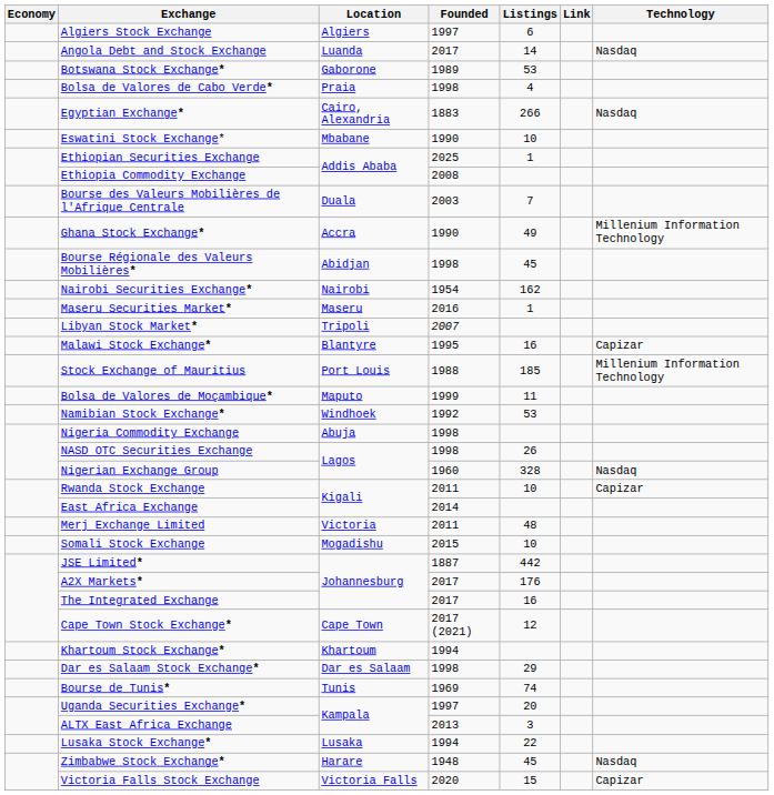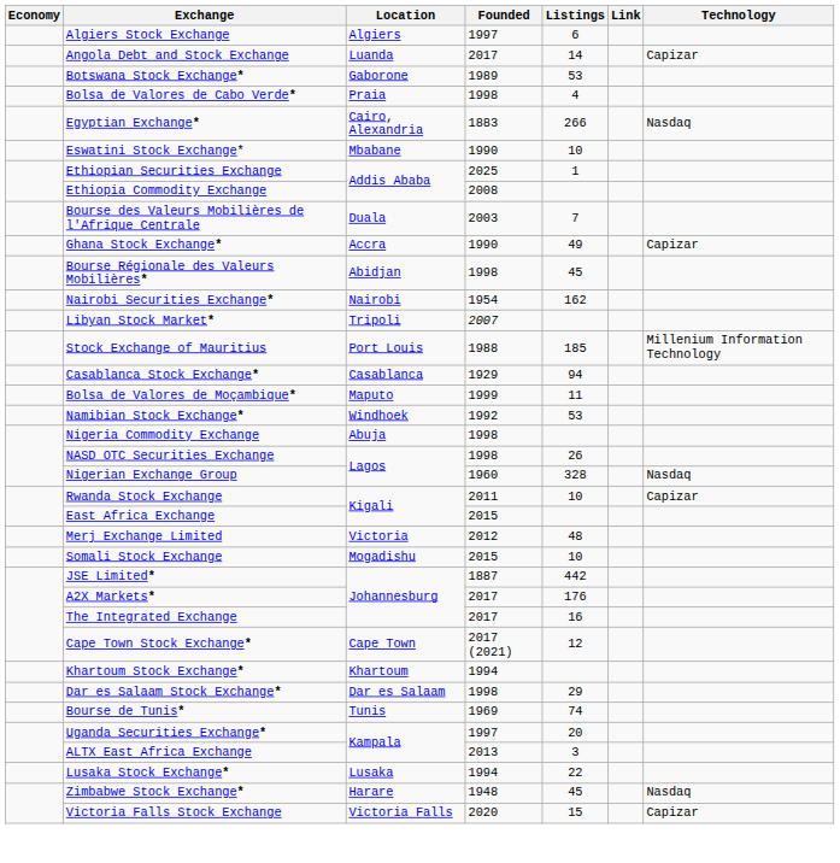 <table class="wikitable sortable static-row-numbers static-row-header-text">
 <tr>
 <th>Economy</th>
 <th>Exchange</th>
 <th>Location</th>
 <th>Founded</th>
 <th>Listings</th>
 <th>Link</th>
 <th>Technology</th>
 </tr>
 <tr>
 <td></td>
 <td><a href='#'>Algiers Stock Exchange</a></td>
 <td><a href='#'>Algiers</a></td>
 <td>1997</td>
 <td align="center">6</td>
 <td></td>
 <td></td>
 </tr>
 <tr>
 <td></td>
 <td><a href='#'>Angola Debt and Stock Exchange</a></td>
 <td><a href='#'>Luanda</a></td>
 <td>2017</td>
 <td align="center">14</td>
 <td></td>
-<td>Nasdaq</td>
+<td> Capizar</td>
 </tr>
 <tr>
 <td></td>
 <td><a href='#'>Botswana Stock Exchange</a><strong>*</strong></td>
 <td><a href='#'>Gaborone</a></td>
 <td>1989</td>
 <td align="center">53</td>
 <td></td>
 <td></td>
 </tr>
 <tr>
 <td></td>
 <td><a href='#'>Bolsa de Valores de Cabo Verde</a><strong>*</strong></td>
 <td><a href='#'>Praia</a></td>
 <td>1998</td>
 <td align="center">4</td>
 <td></td>
 <td></td>
 </tr>
 <tr>
 <td></td>
 <td><a href='#'>Egyptian Exchange</a><strong>*</strong></td>
 <td><a href='#'>Cairo</a>, <a href='#'>Alexandria</a></td>
 <td>1883</td>
 <td align="center">266</td>
 <td></td>
 <td>Nasdaq</td>
 </tr>
 <tr>
 <td></td>
 <td><a href='#'>Eswatini Stock Exchange</a>*</td>
 <td><a href='#'>Mbabane</a></td>
 <td>1990</td>
 <td align="center">10</td>
 <td></td>
 <td></td>
 </tr>
 <tr>
 <td rowspan="2"></td>
 <td><a href='#'>Ethiopian Securities Exchange</a></td>
 <td rowspan="2"><a href='#'>Addis Ababa</a></td>
 <td>2025</td>
 <td align="center">1</td>
 <td></td>
 <td></td>
 </tr>
 <tr>
 <td><a href='#'>Ethiopia Commodity Exchange</a></td>
 <td>2008</td>
 <td align="center"></td>
 <td></td>
 <td></td>
 </tr>
 <tr>
 <td></td>
 <td><a href='#'>Bourse des Valeurs Mobilières de l'Afrique Centrale</a></td>
 <td><a href='#'>Duala</a></td>
 <td>2003</td>
 <td align="center">7</td>
 <td></td>
 <td></td>
 </tr>
 <tr>
 <td></td>
 <td><a href='#'>Ghana Stock Exchange</a><strong>*</strong></td>
 <td><a href='#'>Accra</a></td>
 <td>1990</td>
 <td align="center">49</td>
 <td></td>
-<td>Millenium Information Technology</td>
+<td> Capizar</td>
 </tr>
 <tr>
 <td></td>
 <td><a href='#'>Bourse Régionale des Valeurs Mobilières</a><strong>*</strong></td>
 <td><a href='#'>Abidjan</a></td>
 <td>1998</td>
 <td align="center">45</td>
 <td></td>
 <td></td>
 </tr>
 <tr>
 <td></td>
 <td><a href='#'>Nairobi Securities Exchange</a><strong>*</strong></td>
 <td><a href='#'>Nairobi</a></td>
 <td>1954</td>
 <td align="center">162</td>
 <td></td>
 <td></td>
 </tr>
 <tr>
 <td></td>
-<td><a href='#'>Maseru Securities Market</a><strong>*</strong></td>
-<td><a href='#'>Maseru</a></td>
-<td>2016</td>
-<td align="center">1</td>
-<td></td>
-<td></td>
-</tr>
-<tr>
-<td></td>
 <td><a href='#'>Libyan Stock Market</a><strong>*</strong></td>
 <td><a href='#'>Tripoli</a></td>
 <td><em>2007</em></td>
 <td align="center"></td>
 <td></td>
 <td></td>
 </tr>
 <tr>
 <td></td>
-<td><a href='#'>Malawi Stock Exchange</a><strong>*</strong></td>
-<td><a href='#'>Blantyre</a></td>
-<td>1995</td>
-<td align="center">16</td>
-<td></td>
-<td> Capizar</td>
-</tr>
-<tr>
-<td></td>
 <td><a href='#'>Stock Exchange of Mauritius</a></td>
 <td><a href='#'>Port Louis</a></td>
 <td>1988</td>
 <td align="center">185</td>
 <td></td>
 <td>Millenium Information Technology</td>
+</tr>
+<tr>
+<td></td>
+<td><a href='#'>Casablanca Stock Exchange</a><strong>*</strong></td>
+<td><a href='#'>Casablanca</a></td>
+<td>1929</td>
+<td align="center">94</td>
+<td></td>
+<td></td>
 </tr>
 <tr>
 <td></td>
 <td><a href='#'>Bolsa de Valores de Moçambique</a><strong>*</strong></td>
 <td><a href='#'>Maputo</a></td>
 <td>1999</td>
 <td align="center">11</td>
 <td></td>
 <td></td>
 </tr>
 <tr>
 <td></td>
 <td><a href='#'>Namibian Stock Exchange</a><strong>*</strong></td>
 <td><a href='#'>Windhoek</a></td>
 <td>1992</td>
 <td align="center">53</td>
 <td></td>
 <td></td>
 </tr>
 <tr>
 <td rowspan="3"></td>
 <td><a href='#'>Nigeria Commodity Exchange</a></td>
 <td><a href='#'>Abuja</a></td>
 <td>1998</td>
 <td align="center"></td>
 <td></td>
 <td></td>
 </tr>
 <tr>
 <td><a href='#'>NASD OTC Securities Exchange</a></td>
 <td rowspan=2><a href='#'>Lagos</a></td>
 <td>1998</td>
 <td align="center">26</td>
 <td></td>
 <td></td>
 </tr>
 <tr>
 <td><a href='#'>Nigerian Exchange Group</a></td>
 <td>1960</td>
 <td align="center">328</td>
 <td></td>
 <td>Nasdaq</td>
 </tr>
 <tr>
 <td rowspan="2"></td>
 <td><a href='#'>Rwanda Stock Exchange</a></td>
 <td rowspan=2><a href='#'>Kigali</a></td>
 <td>2011</td>
 <td align="center">10</td>
 <td></td>
 <td> Capizar</td>
 </tr>
 <tr>
 <td><a href='#'>East Africa Exchange</a></td>
-<td>2014</td>
+<td>2015</td>
 <td align="center"></td>
 <td></td>
 <td></td>
 </tr>
 <tr>
 <td></td>
 <td><a href='#'>Merj Exchange Limited</a></td>
 <td><a href='#'>Victoria</a></td>
-<td>2011</td>
+<td>2012</td>
 <td align="center">48</td>
 <td></td>
 <td></td>
 </tr>
 <tr>
 <td></td>
 <td><a href='#'>Somali Stock Exchange</a></td>
 <td><a href='#'>Mogadishu</a></td>
 <td>2015</td>
 <td align="center">10</td>
 <td></td>
 <td></td>
 </tr>
 <tr>
 <td rowspan="4"></td>
 <td><a href='#'>JSE Limited</a><strong>*</strong></td>
 <td rowspan=3><a href='#'>Johannesburg</a></td>
 <td>1887</td>
 <td align="center">442</td>
 <td></td>
 <td></td>
 </tr>
 <tr>
 <td><a href='#'>A2X Markets</a><strong>*</strong></td>
 <td>2017</td>
 <td align="center">176</td>
 <td></td>
 <td></td>
 </tr>
 <tr>
 <td><a href='#'>The Integrated Exchange</a></td>
 <td>2017</td>
 <td align="center">16</td>
 <td></td>
 <td></td>
 </tr>
 <tr>
 <td><a href='#'>Cape Town Stock Exchange</a><strong>*</strong></td>
 <td><a href='#'>Cape Town</a></td>
 <td>2017 (2021)</td>
 <td align="center">12</td>
 <td></td>
 <td></td>
 </tr>
 <tr>
 <td></td>
 <td><a href='#'>Khartoum Stock Exchange</a><strong>*</strong></td>
 <td><a href='#'>Khartoum</a></td>
 <td>1994</td>
 <td align="center"></td>
 <td></td>
 <td></td>
 </tr>
 <tr>
 <td></td>
 <td><a href='#'>Dar es Salaam Stock Exchange</a><strong>*</strong></td>
 <td><a href='#'>Dar es Salaam</a></td>
 <td>1998</td>
 <td align="center">29</td>
 <td></td>
 <td></td>
 </tr>
 <tr>
 <td></td>
 <td><a href='#'>Bourse de Tunis</a><strong>*</strong></td>
 <td><a href='#'>Tunis</a></td>
 <td>1969</td>
 <td align="center">74</td>
 <td></td>
 <td></td>
 </tr>
 <tr>
 <td rowspan="2"></td>
 <td><a href='#'>Uganda Securities Exchange</a><strong>*</strong></td>
 <td rowspan=2><a href='#'>Kampala</a></td>
 <td>1997</td>
 <td align="center">20</td>
 <td></td>
 <td></td>
 </tr>
 <tr>
 <td><a href='#'>ALTX East Africa Exchange</a></td>
 <td>2013</td>
 <td align="center">3</td>
 <td></td>
 <td></td>
 </tr>
 <tr>
 <td></td>
 <td><a href='#'>Lusaka Stock Exchange</a><strong>*</strong></td>
 <td><a href='#'>Lusaka</a></td>
 <td>1994</td>
 <td align="center">22</td>
 <td></td>
 <td></td>
 </tr>
 <tr>
 <td rowspan="3"></td>
 <td><a href='#'>Zimbabwe Stock Exchange</a><strong>*</strong></td>
 <td><a href='#'>Harare</a></td>
 <td>1948</td>
 <td align="center">45</td>
 <td></td>
 <td>Nasdaq</td>
 </tr>
 <tr>
 <td><a href='#'>Victoria Falls Stock Exchange</a></td>
 <td><a href='#'>Victoria Falls</a></td>
 <td>2020</td>
 <td align="center">15</td>
 <td></td>
 <td> Capizar</td>
 </tr>
 </table>
